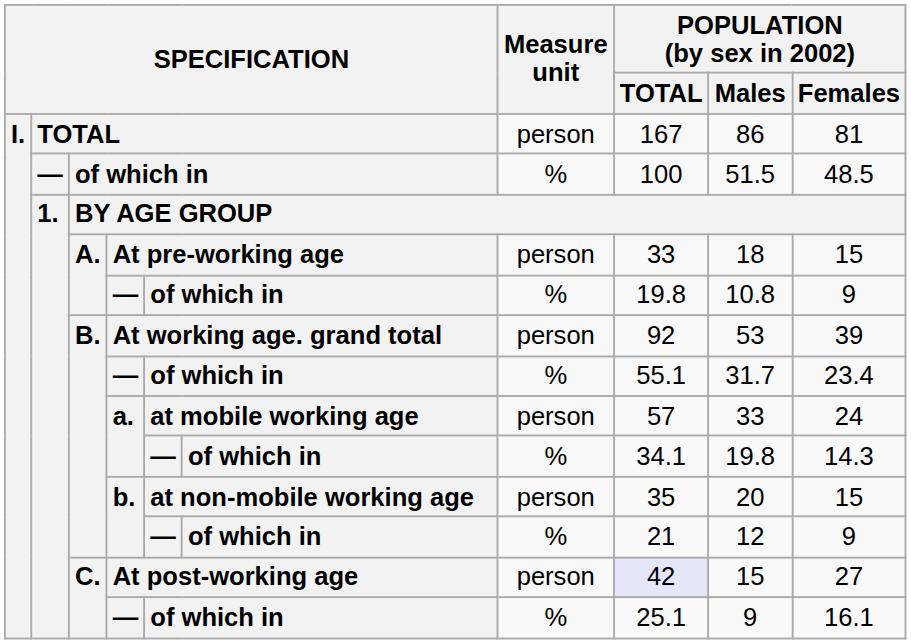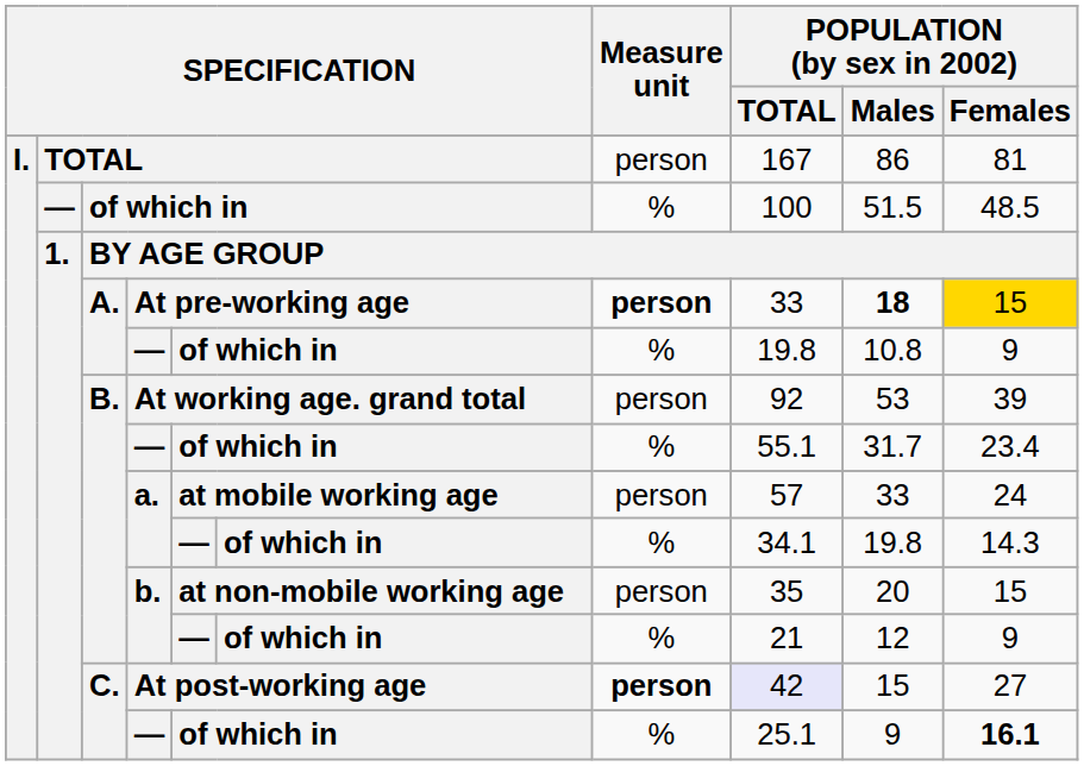 <table class="wikitable" style="font-size:85%; text-align:center">
 <tr>
 <th rowspan="2" colspan="6">SPECIFICATION</th>
 <th rowspan="2">Measure<br> unit</th>
 <th colspan="3" rowspan="1">POPULATION<br> (by sex in 2002)</th>
 </tr>
 <tr>
 <th>TOTAL</th>
 <th>Males</th>
 <th>Females</th>
 </tr>
 <tr>
 <th style="text-align:left" valign="top" rowspan="13">I.</th>
 <th style="text-align:left" colspan="5">TOTAL</th>
 <td>person</td>
 <td>167</td>
 <td>86</td>
 <td>81</td>
 </tr>
 <tr>
 <th style="text-align:left" valign="top">—</th>
 <th style="text-align:left" colspan="4">of which in</th>
 <td>%</td>
 <td>100</td>
 <td>51.5</td>
 <td>48.5</td>
 </tr>
 <tr>
 <th style="text-align:left" valign="top" rowspan="11">1.</th>
 <th style="text-align:left" colspan="19">BY AGE GROUP</th>
 </tr>
 <tr>
 <th style="text-align:left" valign="top" rowspan="2">A.</th>
 <th style="text-align:left" colspan="3">At pre-working age</th>
-<td>person</td>
+<td><strong>person</strong></td>
 <td>33</td>
-<td>18</td>
-<td>15</td>
+<td><strong>18</strong></td>
+<td style="background: gold;">15</td>
 </tr>
 <tr>
 <th style="text-align:left" valign="top">—</th>
 <th style="text-align:left" valign="top" colspan="2">of which in</th>
 <td>%</td>
 <td>19.8</td>
 <td>10.8</td>
 <td>9</td>
 </tr>
 <tr>
 <th style="text-align:left" valign="top" rowspan="6">B.</th>
 <th style="text-align:left" colspan="3">At working age. grand total</th>
 <td>person</td>
 <td>92</td>
 <td>53</td>
 <td>39</td>
 </tr>
 <tr>
 <th style="text-align:left" valign="top">—</th>
 <th style="text-align:left" valign="top" colspan="2">of which in</th>
 <td>%</td>
 <td>55.1</td>
 <td>31.7</td>
 <td>23.4</td>
 </tr>
 <tr>
 <th style="text-align:left" valign="top" rowspan="2">a.</th>
 <th style="text-align:left" colspan="2">at mobile working age</th>
 <td>person</td>
 <td>57</td>
 <td>33</td>
 <td>24</td>
 </tr>
 <tr>
 <th style="text-align:left" valign="top">—</th>
 <th style="text-align:left" valign="top" colspan="1">of which in                        </th>
 <td>%</td>
 <td>34.1</td>
 <td>19.8</td>
 <td>14.3</td>
 </tr>
 <tr>
 <th style="text-align:left" valign="top" rowspan="2">b.</th>
 <th style="text-align:left" colspan="2">at non-mobile working age</th>
 <td>person</td>
 <td>35</td>
 <td>20</td>
 <td>15</td>
 </tr>
 <tr>
 <th style="text-align:left" valign="top">—</th>
 <th style="text-align:left" valign="top" colspan="1">of which in                        </th>
 <td>%</td>
 <td>21</td>
 <td>12</td>
 <td>9</td>
 </tr>
 <tr>
 <th style="text-align:left" valign="top" rowspan="2">C.</th>
 <th style="text-align:left" colspan="3">At post-working age</th>
-<td>person</td>
+<td><strong>person</strong></td>
 <td style="background: lavender;">42</td>
 <td>15</td>
 <td>27</td>
 </tr>
 <tr>
 <th style="text-align:left" valign="top">—</th>
 <th style="text-align:left" valign="top" colspan="2">of which in</th>
 <td>%</td>
 <td>25.1</td>
 <td>9</td>
-<td>16.1</td>
+<td><strong>16.1</strong></td>
 </tr>
 </table>
